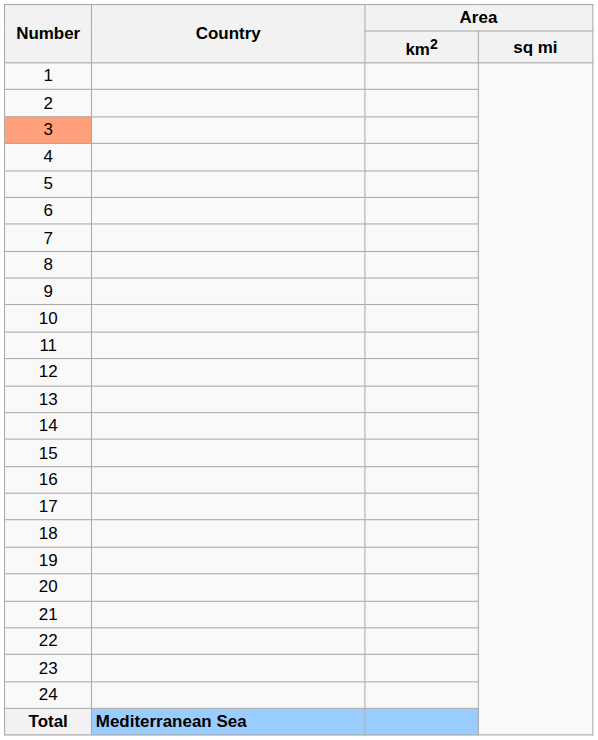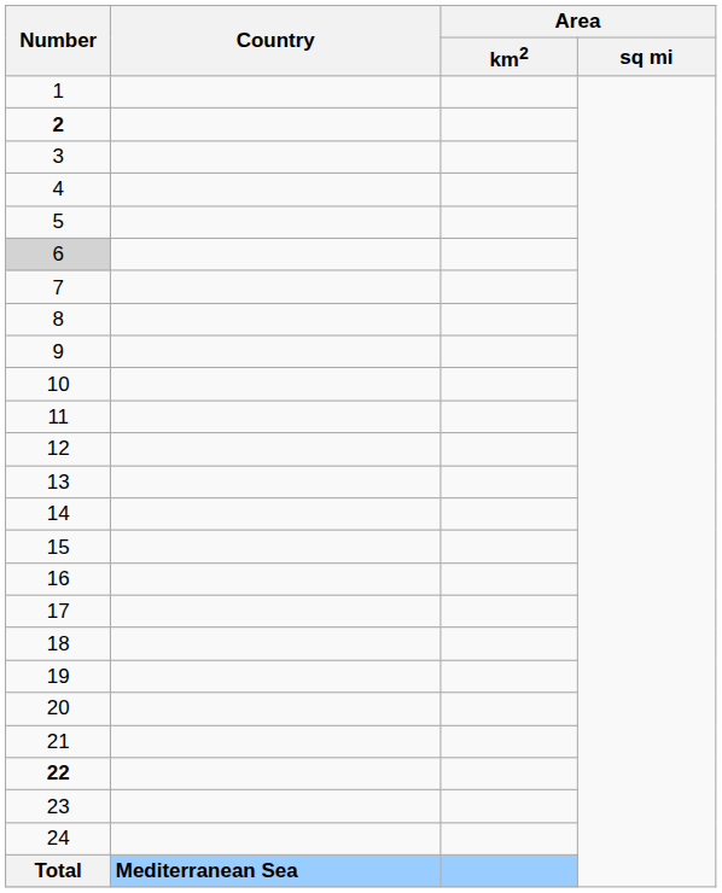 <table class="wikitable sortable" style="font-size:100%">
 <tr>
 <th rowspan=2 width=75>Number</th>
 <th rowspan=2 width=250>Country</th>
 <th colspan=2 width=200>Area</th>
 </tr>
 <tr>
 <th width=100>km<sup>2</sup></th>
 <th width=100>sq mi</th>
 </tr>
 <tr>
 <td align=center>1</td>
 <td><strong></strong></td>
 <td></td>
 </tr>
 <tr>
-<td align=center>2</td>
+<td align=center><strong>2</strong></td>
 <td><strong></strong></td>
 <td></td>
 </tr>
 <tr>
-<td align=center style="background: lightsalmon;">3</td>
+<td align=center>3</td>
 <td><strong></strong></td>
 <td></td>
 </tr>
 <tr>
 <td align=center>4</td>
 <td><strong></strong></td>
 <td></td>
 </tr>
 <tr>
 <td align=center>5</td>
 <td><strong></strong></td>
 <td></td>
 </tr>
 <tr>
-<td align=center>6</td>
+<td align=center style="background: lightgrey;">6</td>
 <td><strong></strong></td>
 <td></td>
 </tr>
 <tr>
 <td align=center>7</td>
 <td><strong></strong></td>
 <td></td>
 </tr>
 <tr>
 <td align=center>8</td>
 <td><strong></strong></td>
 <td></td>
 </tr>
 <tr>
 <td align=center>9</td>
 <td><strong></strong></td>
 <td></td>
 </tr>
 <tr>
 <td align=center>10</td>
 <td><strong></strong></td>
 <td></td>
 </tr>
 <tr>
 <td align=center>11</td>
 <td><strong></strong></td>
 <td></td>
 </tr>
 <tr>
 <td align=center>12</td>
 <td><strong></strong></td>
 <td></td>
 </tr>
 <tr>
 <td align=center>13</td>
 <td><strong></strong></td>
 <td></td>
 </tr>
 <tr>
 <td align=center>14</td>
 <td><strong></strong></td>
 <td></td>
 </tr>
 <tr>
 <td align=center>15</td>
 <td><strong></strong></td>
 <td></td>
 </tr>
 <tr>
 <td align=center>16</td>
 <td><strong></strong></td>
 <td></td>
 </tr>
 <tr>
 <td align=center>17</td>
 <td><strong></strong></td>
 <td></td>
 </tr>
 <tr>
 <td align=center>18</td>
 <td><strong></strong></td>
 <td></td>
 </tr>
 <tr>
 <td align=center>19</td>
 <td><strong></strong></td>
 <td></td>
 </tr>
 <tr>
 <td align=center>20</td>
 <td><strong></strong></td>
 <td></td>
 </tr>
 <tr>
 <td align=center>21</td>
 <td><strong></strong></td>
 <td></td>
 </tr>
 <tr>
-<td align=center>22</td>
+<td align=center><strong>22</strong></td>
 <td><strong></strong></td>
 <td></td>
 </tr>
 <tr>
 <td align=center>23</td>
 <td><strong></strong></td>
 <td></td>
 </tr>
 <tr>
 <td align=center>24</td>
 <td><strong></strong></td>
 <td></td>
 </tr>
 <tr style="background:#9acdff;">
 <th>Total</th>
 <td><strong>Mediterranean Sea</strong></td>
 <td></td>
 </tr>
 </table>
